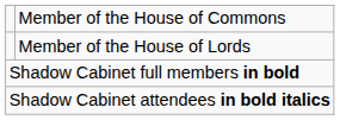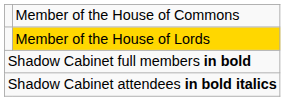 <table class="wikitable">
 <tr>
 <td style="background: "></td>
 <td>Member of the House of Commons</td>
 </tr>
 <tr>
 <td style="background: "></td>
-<td>Member of the House of Lords</td>
+<td style="background: gold;">Member of the House of Lords</td>
 </tr>
 <tr>
 <td colspan="2">Shadow Cabinet full members <strong>in bold</strong></td>
 </tr>
 <tr>
 <td colspan="2">Shadow Cabinet attendees <strong>in bold italics</strong></td>
 </tr>
 </table>
